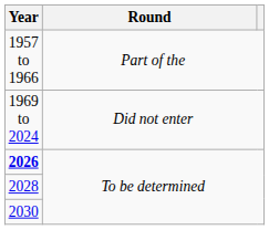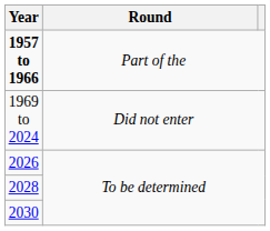 <table class="wikitable" style="text-align: center; font-size:90%">
 <tr>
 <th>Year</th>
 <th style="width:200px">Round</th>
 <th></th>
 </tr>
 <tr>
-<td>1957<br>to<br>1966</td>
+<td><strong>1957<br>to<br>1966</strong></td>
 <td colspan="2"><em>Part of the </em></td>
 </tr>
 <tr>
 <td>1969<br>to<br><a href='#'>2024</a></td>
 <td colspan="2"><em>Did not enter</em></td>
 </tr>
 <tr>
-<td><strong><a href='#'>2026</a></strong></td>
+<td><a href='#'>2026</a></td>
 <td colspan="2" rowspan="3"><em>To be determined</em></td>
 </tr>
 <tr>
 <td><a href='#'>2028</a></td>
 </tr>
 <tr>
 <td><a href='#'>2030</a></td>
 </tr>
 </table>
